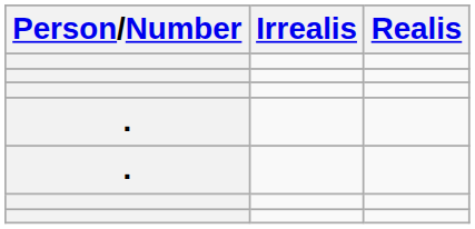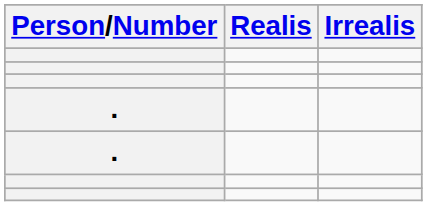 <table class="wikitable" style="text-align: center;">
 <tr>
 <th><a href='#'>Person</a>/<a href='#'>Number</a></th>
+<th><a href='#'>Realis</a></th>
 <th><a href='#'>Irrealis</a></th>
-<th><a href='#'>Realis</a></th>
 </tr>
 <tr>
 <th></th>
 <td></td>
 <td></td>
 </tr>
 <tr>
 <th></th>
 <td></td>
 <td></td>
 </tr>
 <tr>
 <th></th>
 <td></td>
 <td></td>
 </tr>
 <tr>
 <th>.</th>
 <td></td>
 <td></td>
 </tr>
 <tr>
 <th>.</th>
 <td></td>
 <td></td>
 </tr>
 <tr>
 <th></th>
 <td></td>
 <td></td>
 </tr>
 <tr>
 <th></th>
 <td></td>
 <td></td>
 </tr>
 </table>
